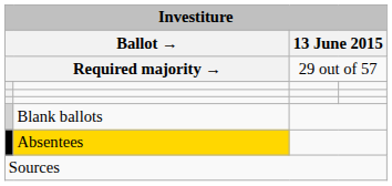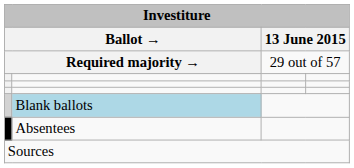 <table class="wikitable" style="text-align:center;">
 <tr bgcolor="#E9E9E9">
 <td colspan="4" align="center" bgcolor="#C0C0C0"><strong>Investiture</strong></td>
 </tr>
 <tr>
 <th colspan="2" width="275px">Ballot →</th>
 <th colspan="2">13 June 2015</th>
 </tr>
 <tr>
 <th colspan="2">Required majority →</th>
 <td colspan="2">29 out of 57</td>
 </tr>
 <tr>
 <th width="1px" style="background:"></th>
 <td align="left"></td>
 <td></td>
 <td></td>
 </tr>
 <tr>
 <th style="color:inherit;background:"></th>
 <td align="left"></td>
 <td></td>
 <td></td>
 </tr>
 <tr>
 <th style="color:inherit;background:"></th>
 <td align="left"></td>
 <td></td>
 <td></td>
 </tr>
 <tr>
 <th style="color:inherit;background:lightgray;"></th>
-<td align="left"><span>Blank ballots</span></td>
+<td align="left" style="background: lightblue;"><span>Blank ballots</span></td>
 <td colspan="2"></td>
 </tr>
 <tr>
 <th style="color:inherit;background:black;"></th>
-<td align="left" style="background: gold;"><span>Absentees</span></td>
+<td align="left"><span>Absentees</span></td>
 <td colspan="2"></td>
 </tr>
 <tr>
 <td align="left" colspan="4">Sources</td>
 </tr>
 </table>
